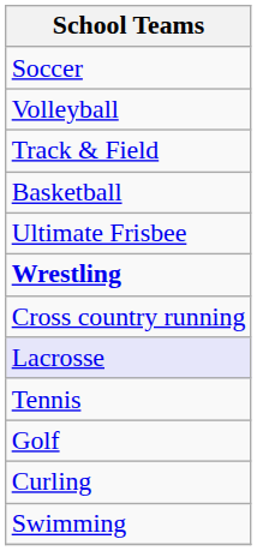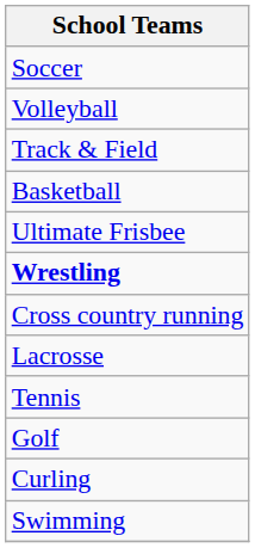 <table class="wikitable sortable" border="1">
 <tr>
 <th>School Teams</th>
 </tr>
 <tr>
 <td><a href='#'>Soccer</a></td>
 </tr>
 <tr>
 <td><a href='#'>Volleyball</a></td>
 </tr>
 <tr>
 <td><a href='#'>Track & Field</a></td>
 </tr>
 <tr>
 <td><a href='#'>Basketball</a></td>
 </tr>
 <tr>
 <td><a href='#'>Ultimate Frisbee</a></td>
 </tr>
 <tr>
 <td><strong><a href='#'>Wrestling</a></strong></td>
 </tr>
 <tr>
 <td><a href='#'>Cross country running</a></td>
 </tr>
 <tr>
-<td style="background: lavender;"><a href='#'>Lacrosse</a></td>
+<td><a href='#'>Lacrosse</a></td>
 </tr>
 <tr>
 <td><a href='#'>Tennis</a></td>
 </tr>
 <tr>
 <td><a href='#'>Golf</a></td>
 </tr>
 <tr>
 <td><a href='#'>Curling</a></td>
 </tr>
 <tr>
 <td><a href='#'>Swimming</a></td>
 </tr>
 <tr>
 </tr>
 </table>
